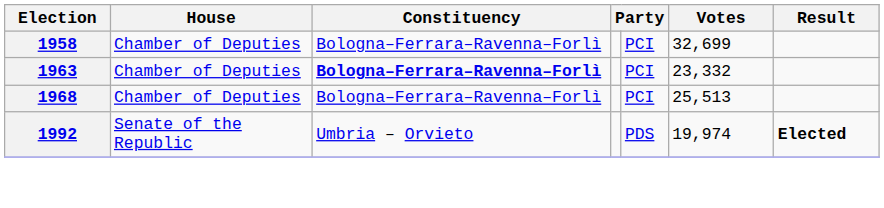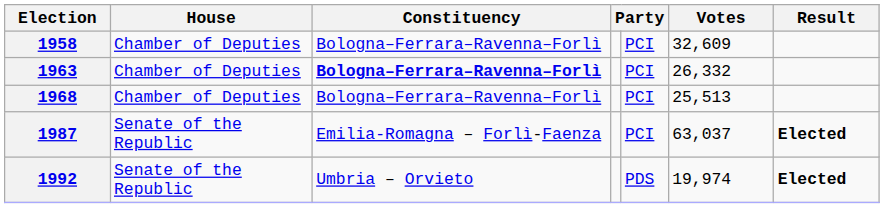 <table class=wikitable style="width:55%; border:1px #AAAAFF solid">
 <tr>
 <th width=12%>Election</th>
 <th width=23%>House</th>
 <th width=34%>Constituency</th>
 <th width=5% colspan="2">Party</th>
 <th width=12%>Votes</th>
 <th width=12%>Result</th>
 </tr>
 <tr>
 <th><a href='#'>1958</a></th>
 <td><a href='#'>Chamber of Deputies</a></td>
 <td><a href='#'>Bologna–Ferrara–Ravenna–Forlì</a></td>
 <td></td>
 <td><a href='#'>PCI</a></td>
-<td>32,699</td>
+<td>32,609</td>
 <td></td>
 </tr>
 <tr>
 <th><a href='#'>1963</a></th>
 <td><a href='#'>Chamber of Deputies</a></td>
 <td><strong><a href='#'>Bologna–Ferrara–Ravenna–Forlì</a></strong></td>
 <td></td>
 <td><a href='#'>PCI</a></td>
-<td>23,332</td>
+<td>26,332</td>
 <td></td>
 </tr>
 <tr>
 <th><a href='#'>1968</a></th>
 <td><a href='#'>Chamber of Deputies</a></td>
 <td><a href='#'>Bologna–Ferrara–Ravenna–Forlì</a></td>
 <td></td>
 <td><a href='#'>PCI</a></td>
 <td>25,513</td>
 <td></td>
+</tr>
+<tr>
+<th><a href='#'>1987</a></th>
+<td><a href='#'>Senate of the Republic</a></td>
+<td><a href='#'>Emilia-Romagna</a> – <a href='#'>Forlì</a>-<a href='#'>Faenza</a></td>
+<td></td>
+<td><a href='#'>PCI</a></td>
+<td>63,037</td>
+<td> <strong>Elected</strong></td>
 </tr>
 <tr>
 <th><a href='#'>1992</a></th>
 <td><a href='#'>Senate of the Republic</a></td>
 <td><a href='#'>Umbria</a> – <a href='#'>Orvieto</a></td>
 <td></td>
 <td><a href='#'>PDS</a></td>
 <td>19,974</td>
 <td> <strong>Elected</strong></td>
 </tr>
 <tr>
 </tr>
 </table>
